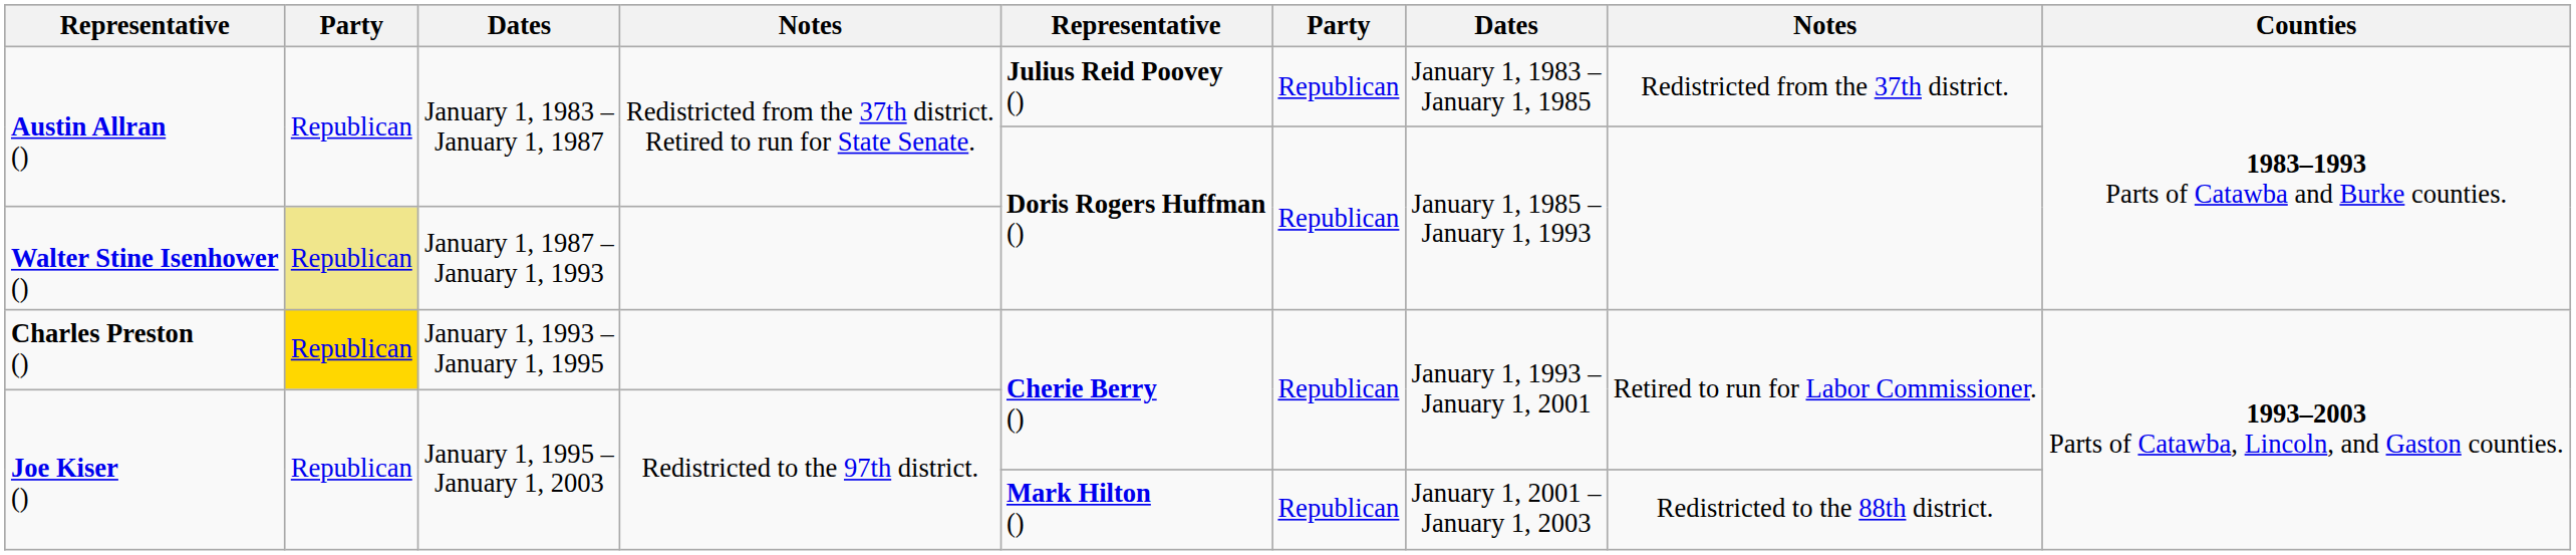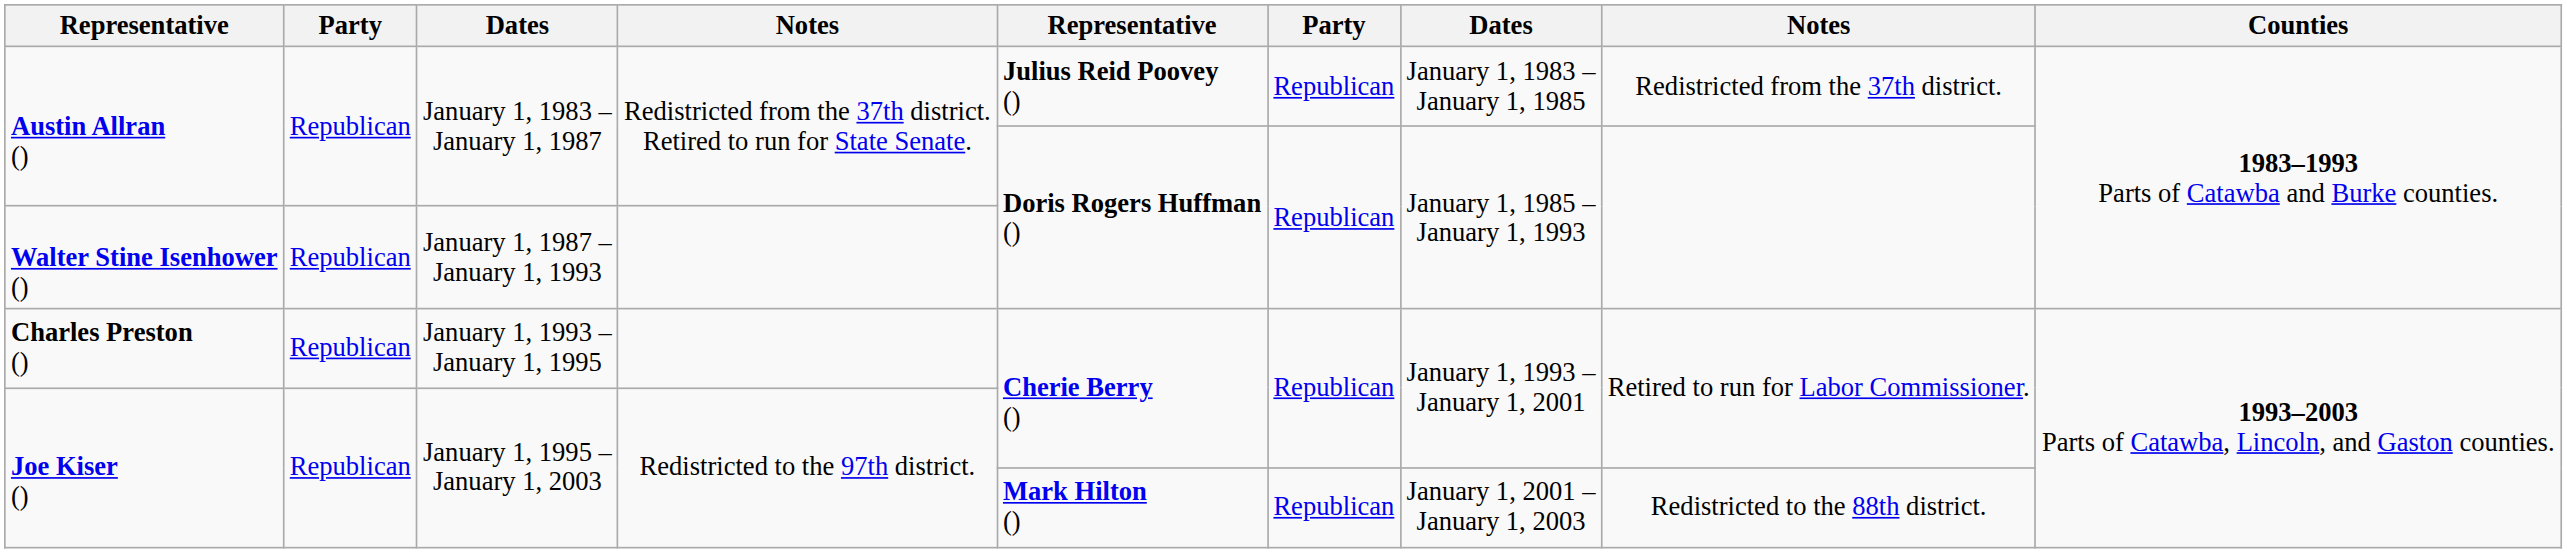 <table class=wikitable style="text-align:center">
 <tr>
 <th>Representative</th>
 <th>Party</th>
 <th>Dates</th>
 <th>Notes</th>
 <th>Representative</th>
 <th>Party</th>
 <th>Dates</th>
 <th>Notes</th>
 <th>Counties</th>
 </tr>
 <tr style="height:3em">
 <td rowspan=2 align=left><br><strong><a href='#'>Austin Allran</a></strong><br>()</td>
 <td rowspan=2 ><a href='#'>Republican</a></td>
 <td rowspan=2 nowrap>January 1, 1983 – <br> January 1, 1987</td>
 <td rowspan=2>Redistricted from the <a href='#'>37th</a> district. <br> Retired to run for <a href='#'>State Senate</a>.</td>
 <td align=left><strong>Julius Reid Poovey</strong><br>()</td>
 <td><a href='#'>Republican</a></td>
 <td nowrap>January 1, 1983 – <br> January 1, 1985</td>
 <td>Redistricted from the <a href='#'>37th</a> district.</td>
 <td rowspan=3><strong>1983–1993</strong> <br> Parts of <a href='#'>Catawba</a> and <a href='#'>Burke</a> counties.</td>
 </tr>
 <tr style="height:3em">
 <td rowspan=2 align=left><strong>Doris Rogers Huffman</strong><br>()</td>
 <td rowspan=2 ><a href='#'>Republican</a></td>
 <td rowspan=2 nowrap>January 1, 1985 – <br> January 1, 1993</td>
 <td rowspan=2></td>
 </tr>
 <tr style="height:3em">
 <td align=left><br><strong><a href='#'>Walter Stine Isenhower</a></strong><br>()</td>
-<td style="background: khaki;"><a href='#'>Republican</a></td>
+<td><a href='#'>Republican</a></td>
 <td nowrap>January 1, 1987 – <br> January 1, 1993</td>
 <td></td>
 </tr>
 <tr style="height:3em">
 <td align=left><strong>Charles Preston</strong><br>()</td>
-<td style="background: gold;"><a href='#'>Republican</a></td>
+<td><a href='#'>Republican</a></td>
 <td nowrap>January 1, 1993 – <br> January 1, 1995</td>
 <td></td>
 <td rowspan=2 align=left><br><strong><a href='#'>Cherie Berry</a></strong><br>()</td>
 <td rowspan=2 ><a href='#'>Republican</a></td>
 <td rowspan=2 nowrap>January 1, 1993 – <br> January 1, 2001</td>
 <td rowspan=2>Retired to run for <a href='#'>Labor Commissioner</a>.</td>
 <td rowspan=3><strong>1993–2003</strong> <br> Parts of <a href='#'>Catawba</a>, <a href='#'>Lincoln</a>, and <a href='#'>Gaston</a> counties.</td>
 </tr>
 <tr style="height:3em">
 <td rowspan=2 align=left><br><strong><a href='#'>Joe Kiser</a></strong><br>()</td>
 <td rowspan=2 ><a href='#'>Republican</a></td>
 <td rowspan=2 nowrap>January 1, 1995 – <br> January 1, 2003</td>
 <td rowspan=2>Redistricted to the <a href='#'>97th</a> district.</td>
 </tr>
 <tr style="height:3em">
 <td align=left><strong><a href='#'>Mark Hilton</a></strong><br>()</td>
 <td><a href='#'>Republican</a></td>
 <td nowrap>January 1, 2001 – <br> January 1, 2003</td>
 <td>Redistricted to the <a href='#'>88th</a> district.</td>
 </tr>
 </table>
